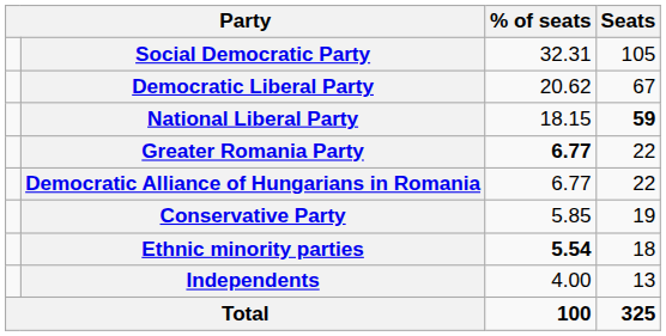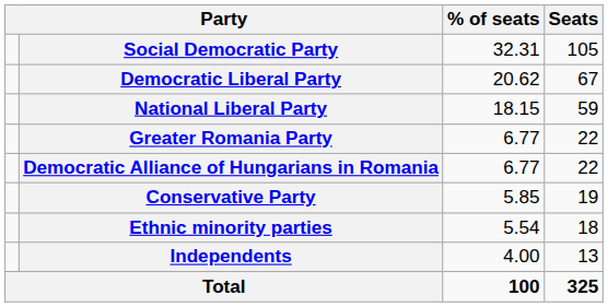 <table class="wikitable plainrowheaders" style="text-align:right;">
 <tr>
 <th scope="col" colspan="2">Party</th>
 <th scope="col">% of seats</th>
 <th scope="col">Seats</th>
 </tr>
 <tr>
 <td> </td>
 <th scope="row"><a href='#'>Social Democratic Party</a></th>
 <td>32.31</td>
 <td>105</td>
 </tr>
 <tr>
 <td> </td>
 <th scope="row"><a href='#'>Democratic Liberal Party</a></th>
 <td>20.62</td>
 <td>67</td>
 </tr>
 <tr>
 <td> </td>
 <th scope="row"><a href='#'>National Liberal Party</a></th>
 <td>18.15</td>
-<td><strong>59</strong></td>
+<td>59</td>
 </tr>
 <tr>
 <td> </td>
 <th scope="row"><a href='#'>Greater Romania Party</a></th>
-<td><strong>6.77</strong></td>
+<td>6.77</td>
 <td>22</td>
 </tr>
 <tr>
 <td> </td>
 <th scope="row"><a href='#'>Democratic Alliance of Hungarians in Romania</a></th>
 <td>6.77</td>
 <td>22</td>
 </tr>
 <tr>
 <td> </td>
 <th scope="row"><a href='#'>Conservative Party</a></th>
 <td>5.85</td>
 <td>19</td>
 </tr>
 <tr>
 <td> </td>
 <th scope="row"><a href='#'>Ethnic minority parties</a></th>
-<td><strong>5.54</strong></td>
+<td>5.54</td>
 <td>18</td>
 </tr>
 <tr>
 <td> </td>
 <th scope="row"><a href='#'>Independents</a></th>
 <td>4.00</td>
 <td>13</td>
 </tr>
 <tr style="font-weight:bold;">
 <th scope="row" colspan="2"><strong>Total</strong></th>
 <td>100</td>
 <td>325</td>
 </tr>
 </table>
